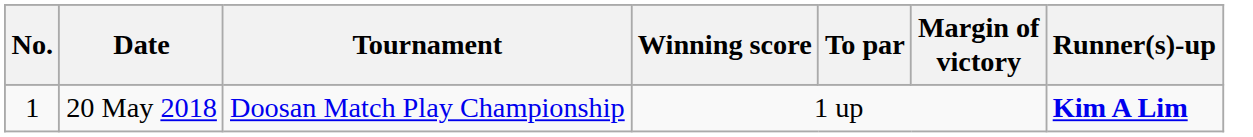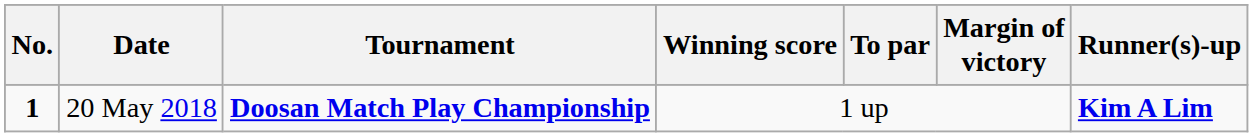 <table class="wikitable" style="font-size:95%;">
 <tr>
 <th>No.</th>
 <th>Date</th>
 <th>Tournament</th>
 <th>Winning score</th>
 <th>To par</th>
 <th>Margin of<br>victory</th>
 <th>Runner(s)-up</th>
 </tr>
 <tr>
-<td align=center>1</td>
+<td align=center><strong>1</strong></td>
 <td align=right>20 May <a href='#'>2018</a></td>
-<td><a href='#'>Doosan Match Play Championship</a></td>
+<td><strong><a href='#'>Doosan Match Play Championship</a></strong></td>
 <td colspan=3 align=center>1 up</td>
 <td><strong> <a href='#'>Kim A Lim</a></strong></td>
 </tr>
 </table>
